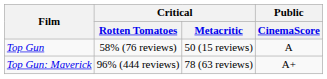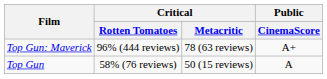 <table class="wikitable plainrowheaders unsortable" style="text-align: center;">
 <tr>
 <th rowspan="2">Film</th>
 <th colspan="2">Critical</th>
 <th>Public</th>
 </tr>
 <tr>
 <th><a href='#'>Rotten Tomatoes</a></th>
 <th><a href='#'>Metacritic</a></th>
 <th><a href='#'>CinemaScore</a></th>
 </tr>
 <tr>
+<td style="text-align: left;"><em><a href='#'>Top Gun: Maverick</a></em></td>
+<td>96% (444 reviews)</td>
+<td>78 (63 reviews)</td>
+<td>A+</td>
+</tr>
+<tr>
 <td style="text-align: left;"><em><a href='#'>Top Gun</a></em></td>
 <td>58% (76 reviews)</td>
 <td>50 (15 reviews)</td>
 <td>A</td>
 </tr>
-<tr>
-<td style="text-align: left;"><em><a href='#'>Top Gun: Maverick</a></em></td>
-<td>96% (444 reviews)</td>
-<td>78 (63 reviews)</td>
-<td>A+</td>
-</tr>
 </table>
